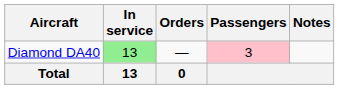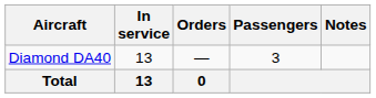 <table class="wikitable" style="margin:0.5em auto; text-align:center">
 <tr>
 <th>Aircraft</th>
 <th>In <br> service</th>
 <th>Orders</th>
 <th>Passengers</th>
 <th>Notes</th>
 </tr>
 <tr>
 <td><a href='#'>Diamond DA40</a></td>
-<td style="background: lightgreen;">13</td>
+<td>13</td>
 <td>—</td>
-<td style="background: pink;">3</td>
+<td>3</td>
 <td></td>
 </tr>
 <tr>
 <th>Total</th>
 <th>13</th>
 <th>0</th>
 <th colspan="4"></th>
 </tr>
 </table>
